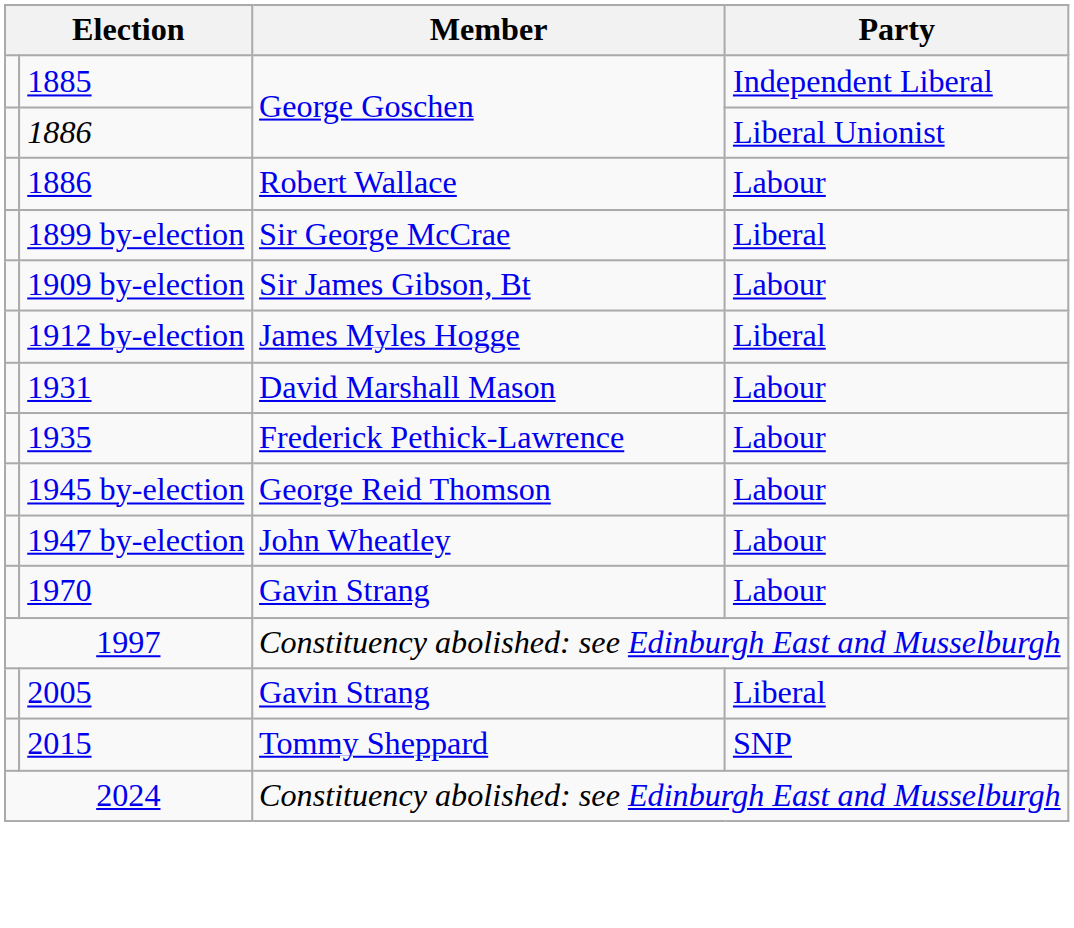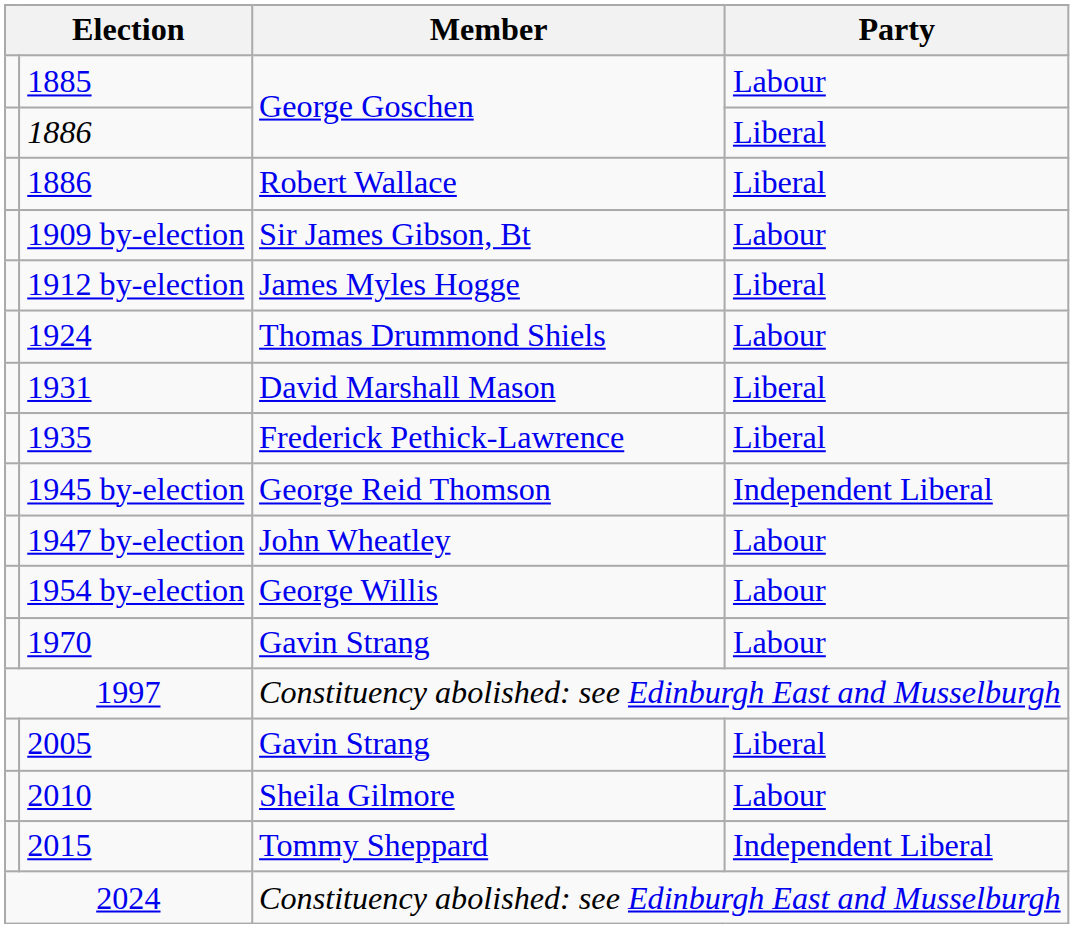 <table class="wikitable">
 <tr>
 <th colspan="2">Election</th>
 <th>Member</th>
 <th>Party</th>
 </tr>
 <tr>
 <td style="color:inherit;background-color: "></td>
 <td><a href='#'>1885</a></td>
 <td rowspan="2"><a href='#'>George Goschen</a></td>
-<td><a href='#'>Independent Liberal</a></td>
+<td><a href='#'>Labour</a></td>
 </tr>
 <tr>
 <td style="color:inherit;background-color: "></td>
 <td><em>1886</em></td>
-<td><a href='#'>Liberal Unionist</a></td>
+<td><a href='#'>Liberal</a></td>
 </tr>
 <tr>
 <td style="color:inherit;background-color: "></td>
 <td><a href='#'>1886</a></td>
 <td><a href='#'>Robert Wallace</a></td>
-<td><a href='#'>Labour</a></td>
-</tr>
-<tr>
-<td style="color:inherit;background-color: "></td>
-<td><a href='#'>1899 by-election</a></td>
-<td><a href='#'>Sir George McCrae</a></td>
 <td><a href='#'>Liberal</a></td>
 </tr>
 <tr>
 <td style="color:inherit;background-color: "></td>
 <td><a href='#'>1909 by-election</a></td>
 <td><a href='#'>Sir James Gibson, Bt</a></td>
 <td><a href='#'>Labour</a></td>
 </tr>
 <tr>
 <td style="color:inherit;background-color: "></td>
 <td><a href='#'>1912 by-election</a></td>
 <td><a href='#'>James Myles Hogge</a></td>
 <td><a href='#'>Liberal</a></td>
 </tr>
 <tr>
 <td style="color:inherit;background-color: "></td>
+<td><a href='#'>1924</a></td>
+<td><a href='#'>Thomas Drummond Shiels</a></td>
+<td><a href='#'>Labour</a></td>
+</tr>
+<tr>
+<td style="color:inherit;background-color: "></td>
 <td><a href='#'>1931</a></td>
 <td><a href='#'>David Marshall Mason</a></td>
-<td><a href='#'>Labour</a></td>
+<td><a href='#'>Liberal</a></td>
 </tr>
 <tr>
 <td style="color:inherit;background-color: "></td>
 <td><a href='#'>1935</a></td>
 <td><a href='#'>Frederick Pethick-Lawrence</a></td>
-<td><a href='#'>Labour</a></td>
+<td><a href='#'>Liberal</a></td>
 </tr>
 <tr>
 <td style="color:inherit;background-color: "></td>
 <td><a href='#'>1945 by-election</a></td>
 <td><a href='#'>George Reid Thomson</a></td>
-<td><a href='#'>Labour</a></td>
+<td><a href='#'>Independent Liberal</a></td>
 </tr>
 <tr>
 <td style="color:inherit;background-color: "></td>
 <td><a href='#'>1947 by-election</a></td>
 <td><a href='#'>John Wheatley</a></td>
+<td><a href='#'>Labour</a></td>
+</tr>
+<tr>
+<td style="color:inherit;background-color: "></td>
+<td><a href='#'>1954 by-election</a></td>
+<td><a href='#'>George Willis</a></td>
 <td><a href='#'>Labour</a></td>
 </tr>
 <tr>
 <td style="color:inherit;background-color: "></td>
 <td><a href='#'>1970</a></td>
 <td><a href='#'>Gavin Strang</a></td>
 <td><a href='#'>Labour</a></td>
 </tr>
 <tr>
 <td colspan="2" align="center"><a href='#'>1997</a></td>
 <td colspan="2"><em>Constituency abolished: see <a href='#'>Edinburgh East and Musselburgh</a></em></td>
 </tr>
 <tr>
 <td style="color:inherit;background-color: "></td>
 <td><a href='#'>2005</a></td>
 <td><a href='#'>Gavin Strang</a></td>
 <td><a href='#'>Liberal</a></td>
 </tr>
 <tr>
 <td style="color:inherit;background-color: "></td>
+<td><a href='#'>2010</a></td>
+<td><a href='#'>Sheila Gilmore</a></td>
+<td><a href='#'>Labour</a></td>
+</tr>
+<tr>
+<td style="color:inherit;background-color: "></td>
 <td><a href='#'>2015</a></td>
 <td><a href='#'>Tommy Sheppard</a></td>
-<td><a href='#'>SNP</a></td>
+<td><a href='#'>Independent Liberal</a></td>
 </tr>
 <tr>
 <td colspan="2" align="center"><a href='#'>2024</a></td>
 <td colspan="2"><em>Constituency abolished: see <a href='#'>Edinburgh East and Musselburgh</a></em></td>
 </tr>
 </table>
